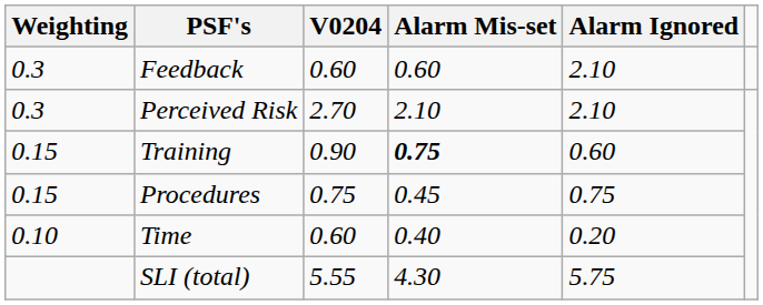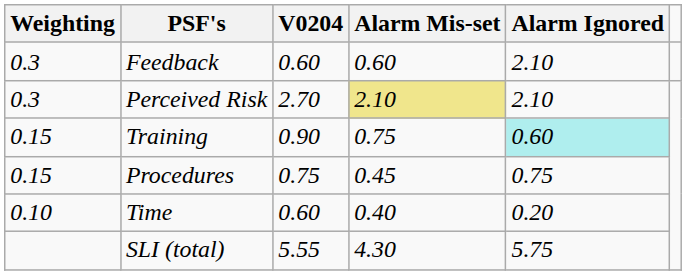 <table class="wikitable" border="1">
 <tr>
 <th>Weighting</th>
 <th>PSF's</th>
 <th>V0204</th>
 <th>Alarm Mis-set</th>
 <th>Alarm Ignored</th>
 </tr>
 <tr>
 <td><em>0.3</em></td>
 <td><em>Feedback</em></td>
 <td><em>0.60</em></td>
 <td><em>0.60</em></td>
 <td><em>2.10</em></td>
 <td></td>
 </tr>
 <tr>
 <td><em>0.3</em></td>
 <td><em>Perceived Risk</em></td>
 <td><em>2.70</em></td>
-<td><em>2.10</em></td>
+<td style="background: khaki;"><em>2.10</em></td>
 <td><em>2.10</em></td>
 </tr>
 <tr>
 <td><em>0.15</em></td>
 <td><em>Training</em></td>
 <td><em>0.90</em></td>
-<td><strong><em>0.75</em></strong></td>
-<td><em>0.60</em></td>
+<td><em>0.75</em></td>
+<td style="background: paleturquoise;"><em>0.60</em></td>
 </tr>
 <tr>
 <td><em>0.15</em></td>
 <td><em>Procedures</em></td>
 <td><em>0.75</em></td>
 <td><em>0.45</em></td>
 <td><em>0.75</em></td>
 </tr>
 <tr>
 <td><em>0.10</em></td>
 <td><em>Time</em></td>
 <td><em>0.60</em></td>
 <td><em>0.40</em></td>
 <td><em>0.20</em></td>
 </tr>
 <tr>
 <td></td>
 <td><em>SLI (total)</em></td>
 <td><em>5.55</em></td>
 <td><em>4.30</em></td>
 <td><em>5.75</em></td>
 </tr>
 </table>
